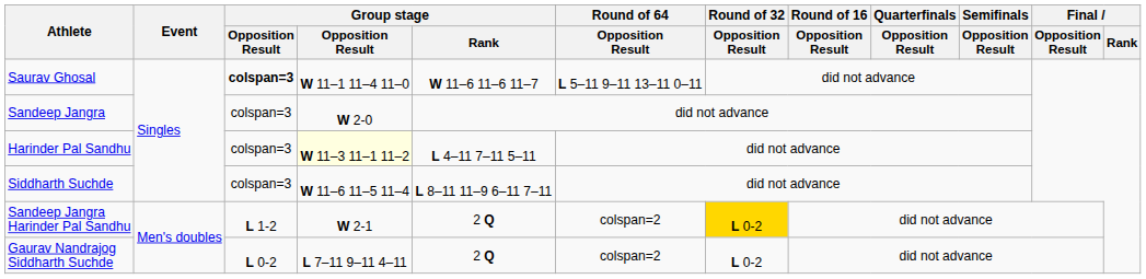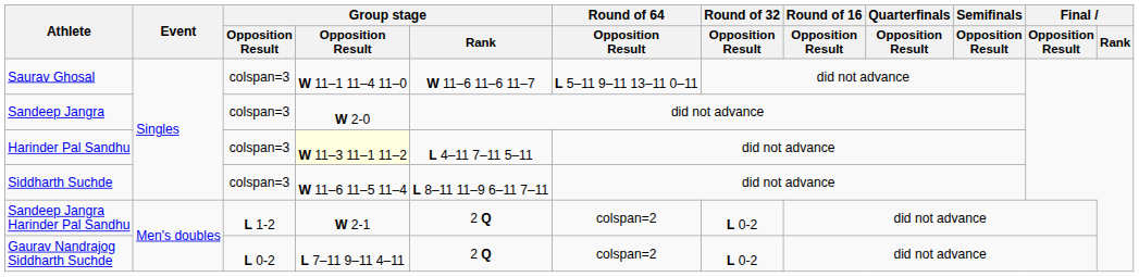 <table class="wikitable" style="font-size:90%">
 <tr>
 <th rowspan="2">Athlete</th>
 <th rowspan="2">Event</th>
 <th colspan=3>Group stage</th>
 <th>Round of 64</th>
 <th>Round of 32</th>
 <th>Round of 16</th>
 <th>Quarterfinals</th>
 <th>Semifinals</th>
 <th colspan=2>Final / </th>
 </tr>
 <tr style="font-size:95%">
 <th>Opposition<br>Result</th>
 <th>Opposition<br>Result</th>
 <th>Rank</th>
 <th>Opposition<br>Result</th>
 <th>Opposition<br>Result</th>
 <th>Opposition<br>Result</th>
 <th>Opposition<br>Result</th>
 <th>Opposition<br>Result</th>
 <th>Opposition<br>Result</th>
 <th>Rank</th>
 </tr>
 <tr align=center>
 <td align=left><a href='#'>Saurav Ghosal</a></td>
 <td align=left rowspan=4><a href='#'>Singles</a></td>
-<td><strong>colspan=3 </strong></td>
+<td>colspan=3 </td>
 <td><br><strong>W</strong> 11–1 11–4 11–0</td>
 <td><br><strong>W</strong> 11–6 11–6 11–7</td>
 <td><br><strong>L</strong> 5–11 9–11 13–11 0–11</td>
 <td colspan=4>did not advance</td>
 </tr>
 <tr align=center>
 <td align=left><a href='#'>Sandeep Jangra</a></td>
 <td>colspan=3 </td>
 <td><br><strong>W</strong> 2-0</td>
 <td colspan=6>did not advance</td>
 </tr>
 <tr align=center>
 <td align=left><a href='#'>Harinder Pal Sandhu</a></td>
 <td>colspan=3 </td>
 <td style="background: lightyellow;"><br><strong>W</strong> 11–3 11–1 11–2</td>
 <td><br><strong>L</strong> 4–11 7–11 5–11</td>
 <td colspan=5>did not advance</td>
 </tr>
 <tr align=center>
 <td align=left><a href='#'>Siddharth Suchde</a></td>
 <td>colspan=3 </td>
 <td><br><strong>W</strong> 11–6 11–5 11–4</td>
 <td><br><strong>L</strong> 8–11 11–9 6–11 7–11</td>
 <td colspan=5>did not advance</td>
 </tr>
 <tr align=center>
 <td align=left><a href='#'>Sandeep Jangra</a><br><a href='#'>Harinder Pal Sandhu</a></td>
 <td align=left rowspan=2><a href='#'>Men's doubles</a></td>
 <td><br><strong>L</strong> 1-2</td>
 <td><br><strong>W</strong> 2-1</td>
 <td>2 <strong>Q</strong></td>
 <td>colspan=2 </td>
-<td style="background: gold;"><br><strong>L</strong> 0-2</td>
+<td><br><strong>L</strong> 0-2</td>
 <td colspan=4>did not advance</td>
 </tr>
 <tr align=center>
 <td align=left><a href='#'>Gaurav Nandrajog</a><br><a href='#'>Siddharth Suchde</a></td>
 <td><br><strong>L</strong> 0-2</td>
 <td><br><strong>L</strong> 7–11 9–11 4–11</td>
 <td>2 <strong>Q</strong></td>
 <td>colspan=2 </td>
 <td><br><strong>L</strong> 0-2</td>
 <td colspan=4>did not advance</td>
 </tr>
 </table>
